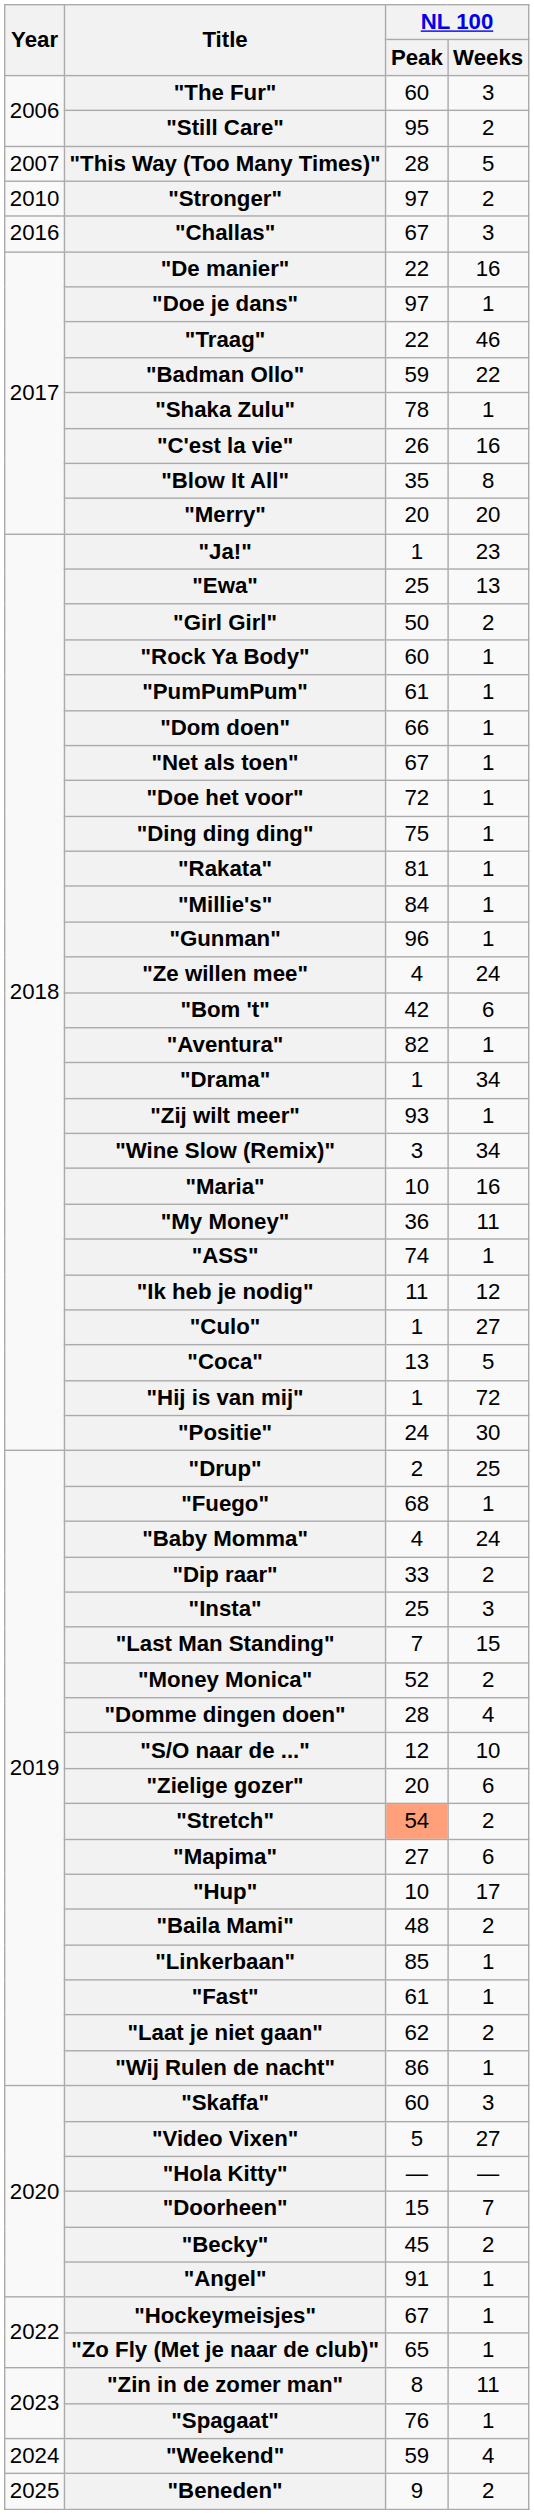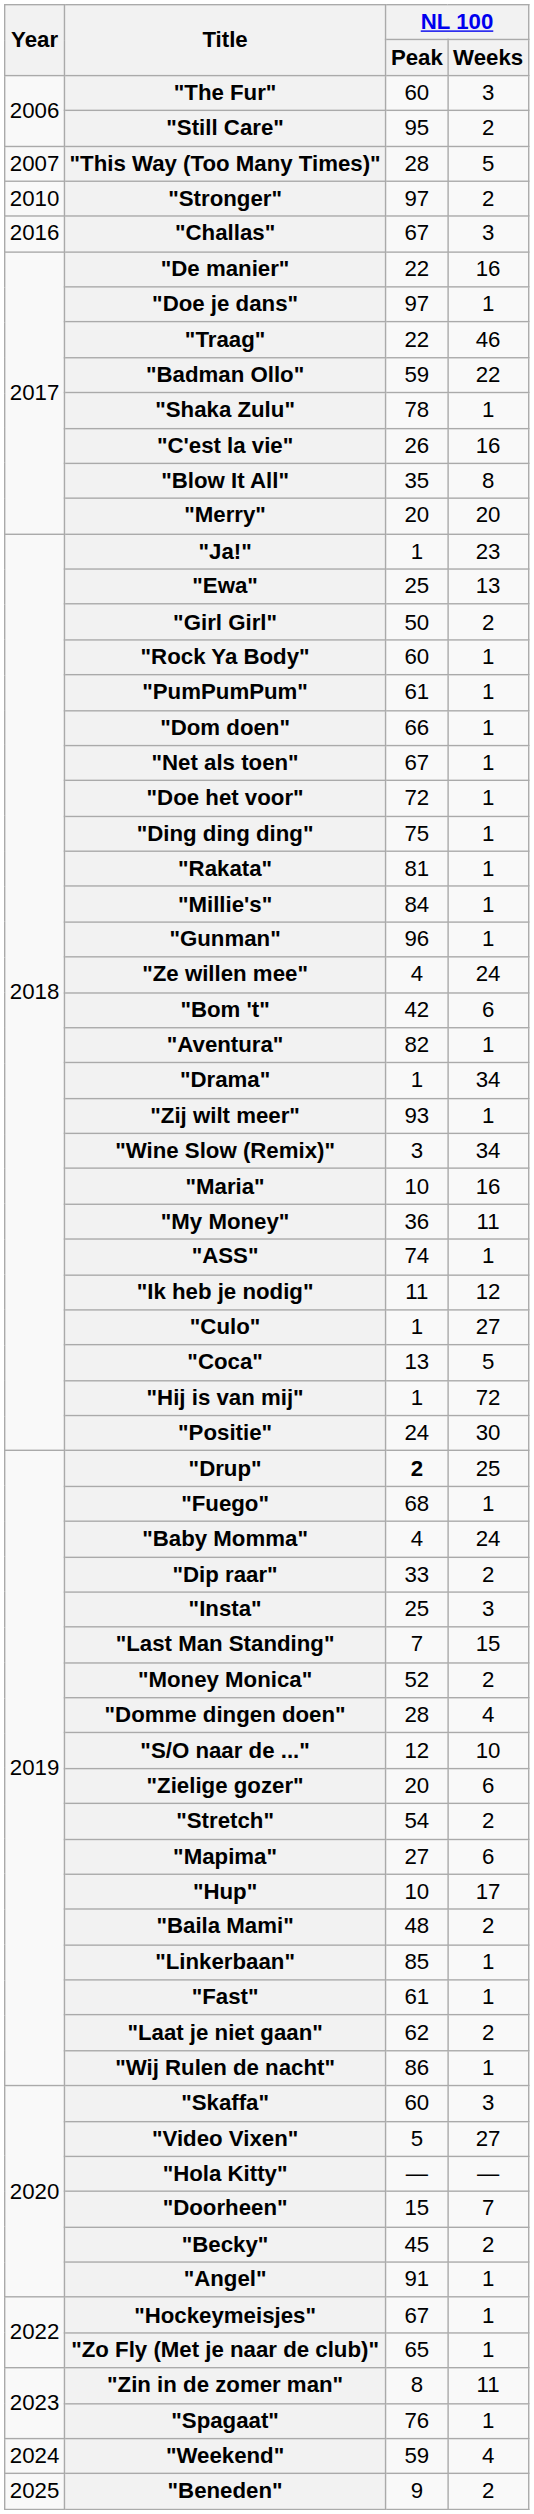 <table class="wikitable plainrowheaders" style="text-align:center">
 <tr>
 <th rowspan="2">Year</th>
 <th rowspan="2">Title</th>
 <th colspan="2"><a href='#'>NL 100</a></th>
 </tr>
 <tr>
 <th>Peak</th>
 <th>Weeks</th>
 </tr>
 <tr>
 <td rowspan="2">2006</td>
 <th scope="row">"The Fur"</th>
 <td>60</td>
 <td>3</td>
 </tr>
 <tr>
 <th scope="row">"Still Care"</th>
 <td>95</td>
 <td>2</td>
 </tr>
 <tr>
 <td>2007</td>
 <th scope="row">"This Way (Too Many Times)"<br></th>
 <td>28</td>
 <td>5</td>
 </tr>
 <tr>
 <td>2010</td>
 <th scope="row">"Stronger"<br></th>
 <td>97</td>
 <td>2</td>
 </tr>
 <tr>
 <td>2016</td>
 <th scope="row">"Challas"<br></th>
 <td>67</td>
 <td>3</td>
 </tr>
 <tr>
 <td rowspan="8">2017</td>
 <th scope="row">"De manier"<br></th>
 <td>22</td>
 <td>16</td>
 </tr>
 <tr>
 <th scope="row">"Doe je dans"<br></th>
 <td>97</td>
 <td>1</td>
 </tr>
 <tr>
 <th scope="row">"Traag"<br></th>
 <td>22</td>
 <td>46</td>
 </tr>
 <tr>
 <th scope="row">"Badman Ollo"<br></th>
 <td>59</td>
 <td>22</td>
 </tr>
 <tr>
 <th scope="row">"Shaka Zulu"<br></th>
 <td>78</td>
 <td>1</td>
 </tr>
 <tr>
 <th scope="row">"C'est la vie"<br></th>
 <td>26</td>
 <td>16</td>
 </tr>
 <tr>
 <th scope="row">"Blow It All"<br></th>
 <td>35</td>
 <td>8</td>
 </tr>
 <tr>
 <th scope="row">"Merry"<br></th>
 <td>20</td>
 <td>20</td>
 </tr>
 <tr>
 <td rowspan="26">2018</td>
 <th scope="row">"Ja!"<br></th>
 <td>1</td>
 <td>23</td>
 </tr>
 <tr>
 <th scope="row">"Ewa"<br></th>
 <td>25</td>
 <td>13</td>
 </tr>
 <tr>
 <th scope="row">"Girl Girl"<br></th>
 <td>50</td>
 <td>2</td>
 </tr>
 <tr>
 <th scope="row">"Rock Ya Body"<br></th>
 <td>60</td>
 <td>1</td>
 </tr>
 <tr>
 <th scope="row">"PumPumPum"<br></th>
 <td>61</td>
 <td>1</td>
 </tr>
 <tr>
 <th scope="row">"Dom doen"<br></th>
 <td>66</td>
 <td>1</td>
 </tr>
 <tr>
 <th scope="row">"Net als toen"<br></th>
 <td>67</td>
 <td>1</td>
 </tr>
 <tr>
 <th scope="row">"Doe het voor"</th>
 <td>72</td>
 <td>1</td>
 </tr>
 <tr>
 <th scope="row">"Ding ding ding"<br></th>
 <td>75</td>
 <td>1</td>
 </tr>
 <tr>
 <th scope="row">"Rakata"<br></th>
 <td>81</td>
 <td>1</td>
 </tr>
 <tr>
 <th scope="row">"Millie's"<br></th>
 <td>84</td>
 <td>1</td>
 </tr>
 <tr>
 <th scope="row">"Gunman"</th>
 <td>96</td>
 <td>1</td>
 </tr>
 <tr>
 <th scope="row">"Ze willen mee"<br></th>
 <td>4</td>
 <td>24</td>
 </tr>
 <tr>
 <th scope="row">"Bom 't"<br></th>
 <td>42</td>
 <td>6</td>
 </tr>
 <tr>
 <th scope="row">"Aventura"</th>
 <td>82</td>
 <td>1</td>
 </tr>
 <tr>
 <th scope="row">"Drama"<br></th>
 <td>1</td>
 <td>34</td>
 </tr>
 <tr>
 <th scope="row">"Zij wilt meer"<br></th>
 <td>93</td>
 <td>1</td>
 </tr>
 <tr>
 <th scope="row">"Wine Slow (Remix)"<br></th>
 <td>3</td>
 <td>34</td>
 </tr>
 <tr>
 <th scope="row">"Maria"<br></th>
 <td>10</td>
 <td>16</td>
 </tr>
 <tr>
 <th scope="row">"My Money"<br></th>
 <td>36</td>
 <td>11</td>
 </tr>
 <tr>
 <th scope="row">"ASS"<br></th>
 <td>74</td>
 <td>1</td>
 </tr>
 <tr>
 <th scope="row">"Ik heb je nodig"<br></th>
 <td>11</td>
 <td>12</td>
 </tr>
 <tr>
 <th scope="row">"Culo"<br></th>
 <td>1</td>
 <td>27</td>
 </tr>
 <tr>
 <th scope="row">"Coca"<br></th>
 <td>13</td>
 <td>5</td>
 </tr>
 <tr>
 <th scope="row">"Hij is van mij"<br></th>
 <td>1</td>
 <td>72</td>
 </tr>
 <tr>
 <th scope="row">"Positie"<br></th>
 <td>24</td>
 <td>30</td>
 </tr>
 <tr>
 <td rowspan="18">2019</td>
 <th scope="row">"Drup"<br></th>
-<td>2</td>
+<td><strong>2</strong></td>
 <td>25</td>
 </tr>
 <tr>
 <th scope="row">"Fuego"<br></th>
 <td>68</td>
 <td>1</td>
 </tr>
 <tr>
 <th scope="row">"Baby Momma"<br></th>
 <td>4</td>
 <td>24</td>
 </tr>
 <tr>
 <th scope="row">"Dip raar"<br></th>
 <td>33</td>
 <td>2</td>
 </tr>
 <tr>
 <th scope="row">"Insta"<br></th>
 <td>25</td>
 <td>3</td>
 </tr>
 <tr>
 <th scope="row">"Last Man Standing"<br></th>
 <td>7</td>
 <td>15</td>
 </tr>
 <tr>
 <th scope="row">"Money Monica"<br></th>
 <td>52</td>
 <td>2</td>
 </tr>
 <tr>
 <th scope="row">"Domme dingen doen"<br></th>
 <td>28</td>
 <td>4</td>
 </tr>
 <tr>
 <th scope="row">"S/O naar de ..."<br></th>
 <td>12</td>
 <td>10</td>
 </tr>
 <tr>
 <th scope="row">"Zielige gozer"<br></th>
 <td>20</td>
 <td>6</td>
 </tr>
 <tr>
 <th scope="row">"Stretch"<br></th>
-<td style="background: lightsalmon;">54</td>
+<td>54</td>
 <td>2</td>
 </tr>
 <tr>
 <th scope="row">"Mapima"<br></th>
 <td>27</td>
 <td>6</td>
 </tr>
 <tr>
 <th scope="row">"Hup"<br></th>
 <td>10</td>
 <td>17</td>
 </tr>
 <tr>
 <th scope="row">"Baila Mami"<br></th>
 <td>48</td>
 <td>2</td>
 </tr>
 <tr>
 <th scope="row">"Linkerbaan"<br></th>
 <td>85</td>
 <td>1</td>
 </tr>
 <tr>
 <th scope="row">"Fast"<br></th>
 <td>61</td>
 <td>1</td>
 </tr>
 <tr>
 <th scope="row">"Laat je niet gaan"<br></th>
 <td>62</td>
 <td>2</td>
 </tr>
 <tr>
 <th scope="row">"Wij Rulen de nacht"<br></th>
 <td>86</td>
 <td>1</td>
 </tr>
 <tr>
 <td rowspan="6">2020</td>
 <th scope="row">"Skaffa"<br></th>
 <td>60</td>
 <td>3</td>
 </tr>
 <tr>
 <th scope="row">"Video Vixen"<br></th>
 <td>5</td>
 <td>27</td>
 </tr>
 <tr>
 <th scope="row">"Hola Kitty"<br></th>
 <td>—</td>
 <td>—</td>
 </tr>
 <tr>
 <th scope="row">"Doorheen"<br></th>
 <td>15</td>
 <td>7</td>
 </tr>
 <tr>
 <th scope="row">"Becky"<br></th>
 <td>45</td>
 <td>2</td>
 </tr>
 <tr>
 <th scope="row">"Angel"<br></th>
 <td>91</td>
 <td>1</td>
 </tr>
 <tr>
 <td rowspan="2">2022</td>
 <th scope="row">"Hockeymeisjes"<br></th>
 <td>67</td>
 <td>1</td>
 </tr>
 <tr>
 <th scope="row">"Zo Fly (Met je naar de club)"</th>
 <td>65</td>
 <td>1</td>
 </tr>
 <tr>
 <td rowspan="2">2023</td>
 <th scope="row">"Zin in de zomer man"<br></th>
 <td>8</td>
 <td>11</td>
 </tr>
 <tr>
 <th scope="row">"Spagaat"<br></th>
 <td>76</td>
 <td>1</td>
 </tr>
 <tr>
 <td>2024</td>
 <th scope="row">"Weekend"</th>
 <td>59</td>
 <td>4</td>
 </tr>
 <tr>
 <td>2025</td>
 <th scope="row">"Beneden"<br></th>
 <td>9</td>
 <td>2</td>
 </tr>
 </table>
